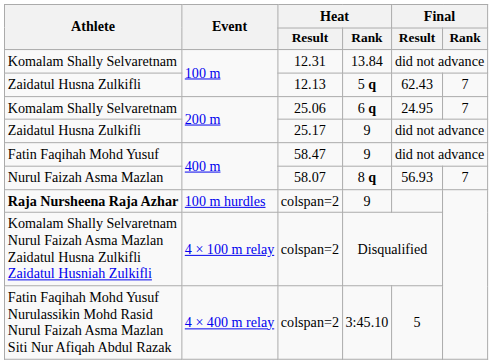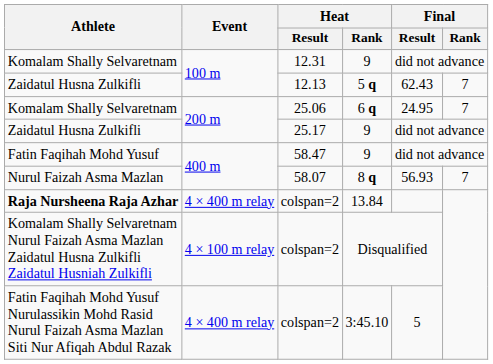 <table class="wikitable" style="font-size:90%">
 <tr>
 <th rowspan="2">Athlete</th>
 <th rowspan="2">Event</th>
 <th colspan="2">Heat</th>
 <th colspan="2">Final</th>
 </tr>
 <tr style="font-size:95%">
 <th>Result</th>
 <th>Rank</th>
 <th>Result</th>
 <th>Rank</th>
 </tr>
 <tr align=center>
 <td align=left>Komalam Shally Selvaretnam</td>
 <td align=left rowspan=2><a href='#'>100 m</a></td>
 <td>12.31</td>
-<td>13.84</td>
+<td>9</td>
 <td colspan=2>did not advance</td>
 </tr>
 <tr align=center>
 <td align=left>Zaidatul Husna Zulkifli</td>
 <td>12.13</td>
 <td>5 <strong>q</strong></td>
 <td>62.43</td>
 <td>7</td>
 </tr>
 <tr align=center>
 <td align=left>Komalam Shally Selvaretnam</td>
 <td align=left rowspan=2><a href='#'>200 m</a></td>
 <td>25.06</td>
 <td>6 <strong>q</strong></td>
 <td>24.95</td>
 <td>7</td>
 </tr>
 <tr align=center>
 <td align=left>Zaidatul Husna Zulkifli</td>
 <td>25.17</td>
 <td>9</td>
 <td colspan=2>did not advance</td>
 </tr>
 <tr align=center>
 <td align=left>Fatin Faqihah Mohd Yusuf</td>
 <td align=left rowspan=2><a href='#'>400 m</a></td>
 <td>58.47</td>
 <td>9</td>
 <td colspan=2>did not advance</td>
 </tr>
 <tr align=center>
 <td align=left>Nurul Faizah Asma Mazlan</td>
 <td>58.07</td>
 <td>8 <strong>q</strong></td>
 <td>56.93</td>
 <td>7</td>
 </tr>
 <tr align=center>
 <td align=left><strong>Raja Nursheena Raja Azhar</strong></td>
-<td align=left><a href='#'>100 m hurdles</a></td>
+<td align=left><a href='#'>4 × 400 m relay</a></td>
 <td>colspan=2 </td>
-<td>9</td>
+<td>13.84</td>
 <td></td>
 </tr>
 <tr align=center>
 <td align=left>Komalam Shally Selvaretnam<br>Nurul Faizah Asma Mazlan<br>Zaidatul Husna Zulkifli<br><a href='#'>Zaidatul Husniah Zulkifli</a></td>
 <td align=left><a href='#'>4 × 100 m relay</a></td>
 <td>colspan=2 </td>
 <td colspan=2>Disqualified</td>
 </tr>
 <tr align=center>
 <td align=left>Fatin Faqihah Mohd Yusuf<br>Nurulassikin Mohd Rasid<br>Nurul Faizah Asma Mazlan<br>Siti Nur Afiqah Abdul Razak</td>
 <td align=left><a href='#'>4 × 400 m relay</a></td>
 <td>colspan=2 </td>
 <td>3:45.10</td>
 <td>5</td>
 </tr>
 </table>
